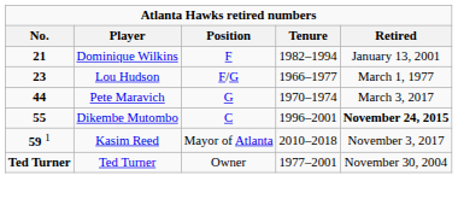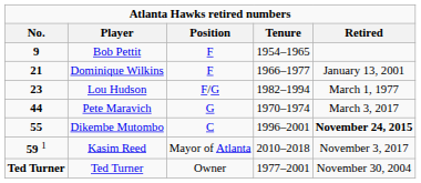 <table class="wikitable sortable" style="text-align:center">
 <tr>
 <td colspan=5><strong>Atlanta Hawks retired numbers</strong></td>
 </tr>
 <tr>
 <th>No.</th>
 <th>Player</th>
 <th>Position</th>
 <th>Tenure</th>
 <th>Retired</th>
 </tr>
 <tr>
+<td><strong>9</strong></td>
+<td><a href='#'>Bob Pettit</a></td>
+<td><a href='#'>F</a></td>
+<td>1954–1965</td>
+<td></td>
+</tr>
+<tr>
 <td><strong>21</strong></td>
 <td><a href='#'>Dominique Wilkins</a></td>
 <td><a href='#'>F</a></td>
-<td>1982–1994</td>
+<td>1966–1977</td>
 <td>January 13, 2001</td>
 </tr>
 <tr>
 <td><strong>23</strong></td>
 <td><a href='#'>Lou Hudson</a></td>
 <td><a href='#'>F</a>/<a href='#'>G</a></td>
-<td>1966–1977</td>
+<td>1982–1994</td>
 <td>March 1, 1977</td>
 </tr>
 <tr>
 <td><strong>44</strong></td>
 <td><a href='#'>Pete Maravich</a></td>
 <td><a href='#'>G</a></td>
 <td>1970–1974</td>
 <td>March 3, 2017</td>
 </tr>
 <tr>
 <td><strong>55</strong></td>
 <td><a href='#'>Dikembe Mutombo</a></td>
 <td><a href='#'>C</a></td>
 <td>1996–2001</td>
 <td><strong>November 24, 2015</strong></td>
 </tr>
 <tr>
 <td><strong>59</strong> <sup>1</sup></td>
 <td><a href='#'>Kasim Reed</a></td>
 <td>Mayor of <a href='#'>Atlanta</a></td>
 <td>2010–2018</td>
 <td>November 3, 2017</td>
 </tr>
 <tr>
 <td><strong>Ted Turner</strong></td>
 <td><a href='#'>Ted Turner</a></td>
 <td>Owner</td>
 <td>1977–2001</td>
 <td>November 30, 2004</td>
 </tr>
 </table>
